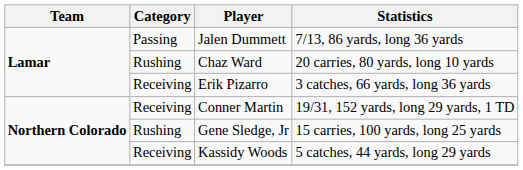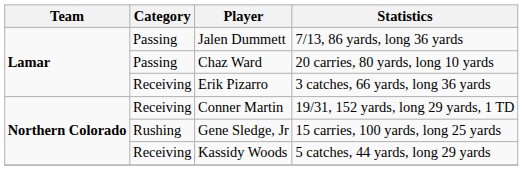 <table class="wikitable" style="float: right;">
 <tr>
 <th>Team</th>
 <th>Category</th>
 <th>Player</th>
 <th>Statistics</th>
 </tr>
 <tr>
 <td rowspan=3><strong>Lamar</strong></td>
 <td>Passing</td>
 <td>Jalen Dummett</td>
 <td>7/13, 86 yards, long 36 yards</td>
 </tr>
 <tr>
-<td>Rushing</td>
+<td>Passing</td>
 <td>Chaz Ward</td>
 <td>20 carries, 80 yards, long 10 yards</td>
 </tr>
 <tr>
 <td>Receiving</td>
 <td>Erik Pizarro</td>
 <td>3 catches, 66 yards, long 36 yards</td>
 </tr>
 <tr>
 <td rowspan=3><strong>Northern Colorado</strong></td>
 <td>Receiving</td>
 <td>Conner Martin</td>
 <td>19/31, 152 yards, long 29 yards, 1 TD</td>
 </tr>
 <tr>
 <td>Rushing</td>
 <td>Gene Sledge, Jr</td>
 <td>15 carries, 100 yards, long 25 yards</td>
 </tr>
 <tr>
 <td>Receiving</td>
 <td>Kassidy Woods</td>
 <td>5 catches, 44 yards, long 29 yards</td>
 </tr>
 <tr>
 </tr>
 </table>
